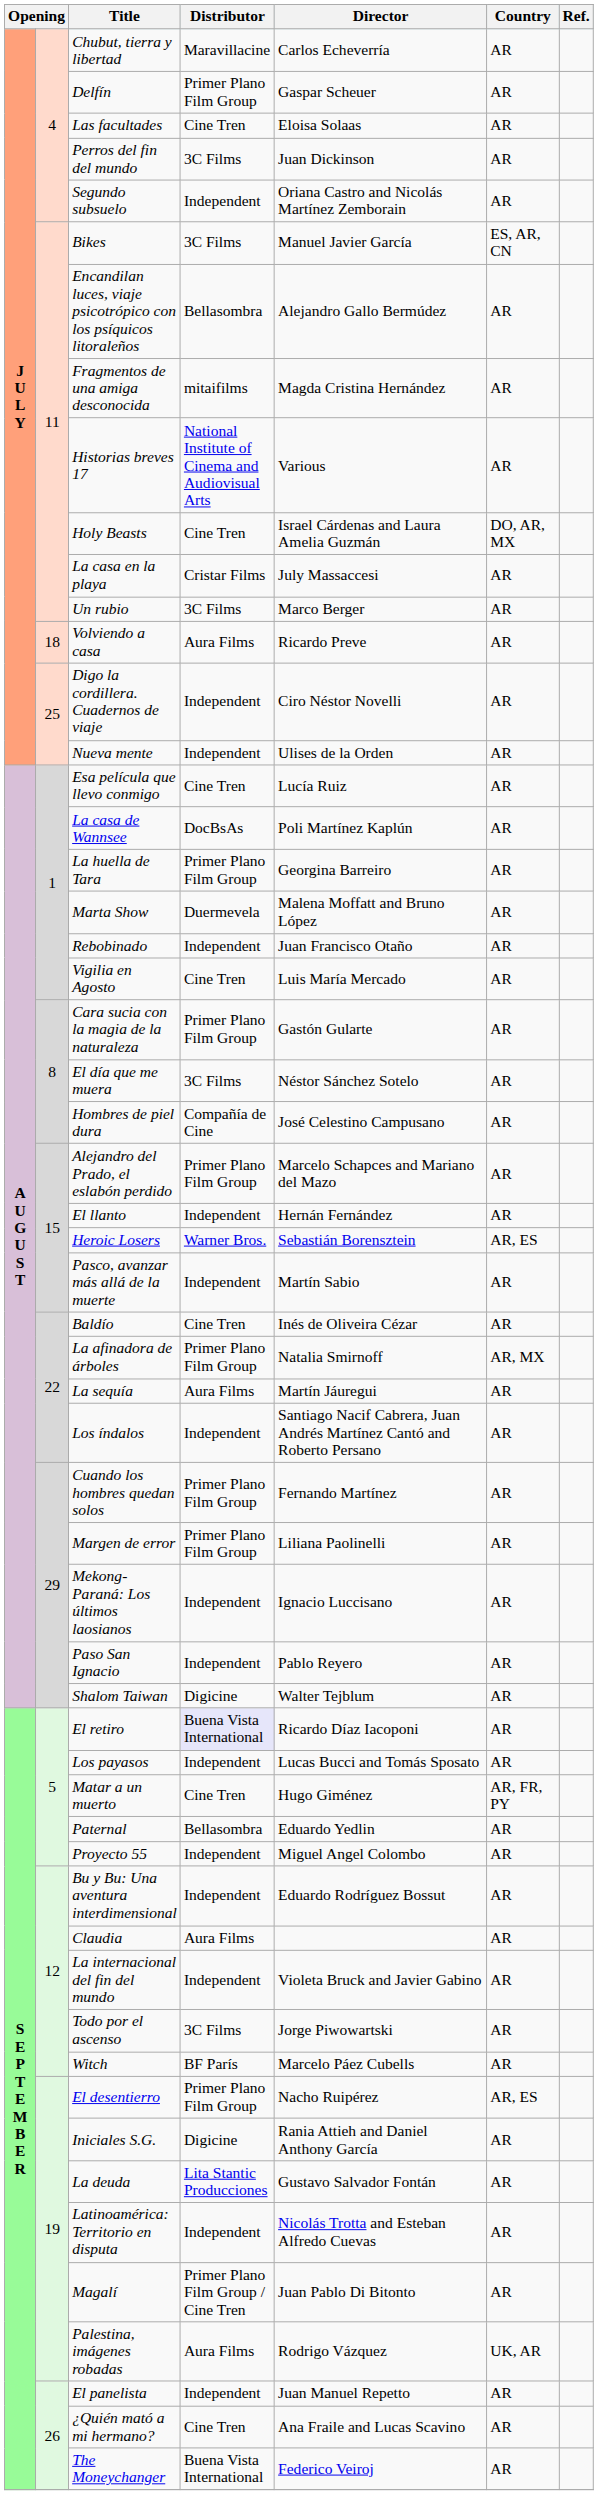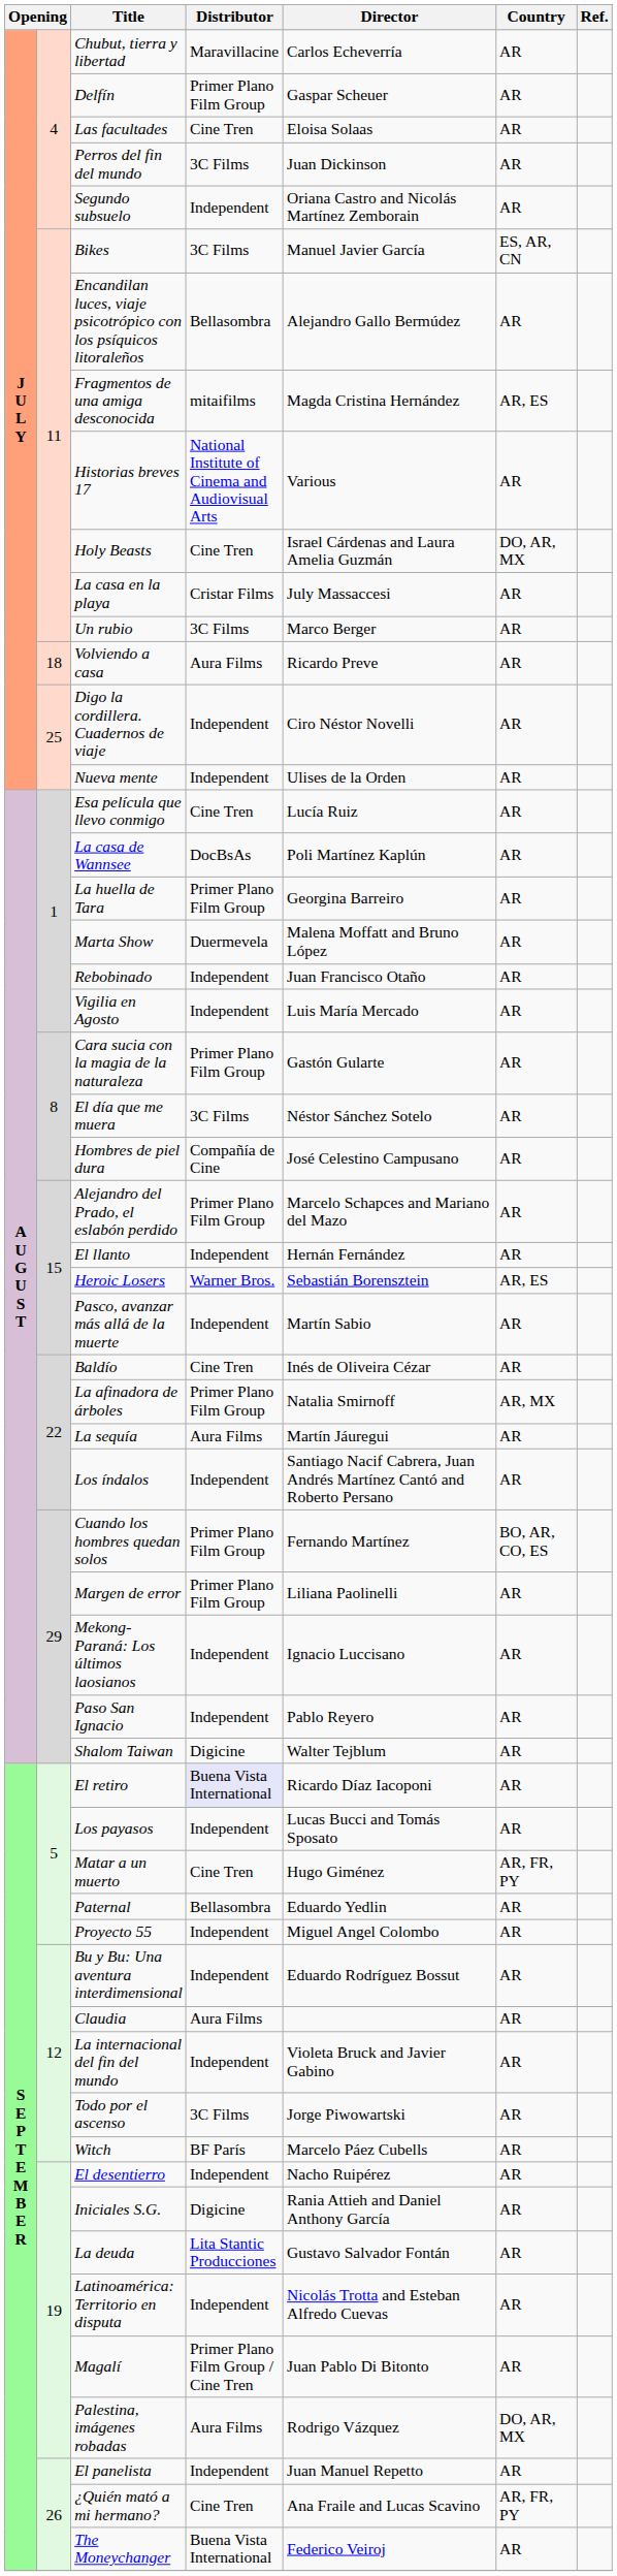 <table class="wikitable sortable">
 <tr style="background:#b0e0e6; text-align:center;">
 <th colspan="2">Opening</th>
 <th style="width:17%;">Title</th>
 <th style="width:16%;">Distributor</th>
 <th>Director</th>
 <th>Country</th>
 <th>Ref.</th>
 </tr>
 <tr>
 <th rowspan="15" style="text-align:center; background:#ffa07a; textcolor:#000;">J<br>U<br>L<br>Y</th>
 <td rowspan="5" style="text-align:center; background:#ffdacc;">4</td>
 <td><em>Chubut, tierra y libertad</em></td>
 <td>Maravillacine</td>
 <td>Carlos Echeverría</td>
 <td>AR</td>
 <td></td>
 </tr>
 <tr>
 <td><em>Delfín</em></td>
 <td>Primer Plano Film Group</td>
 <td>Gaspar Scheuer</td>
 <td>AR</td>
 <td></td>
 </tr>
 <tr>
 <td><em>Las facultades</em></td>
 <td>Cine Tren</td>
 <td>Eloisa Solaas</td>
 <td>AR</td>
 <td></td>
 </tr>
 <tr>
 <td><em>Perros del fin del mundo</em></td>
 <td>3C Films</td>
 <td>Juan Dickinson</td>
 <td>AR</td>
 <td></td>
 </tr>
 <tr>
 <td><em>Segundo subsuelo</em></td>
 <td>Independent</td>
 <td>Oriana Castro and Nicolás Martínez Zemborain</td>
 <td>AR</td>
 <td></td>
 </tr>
 <tr>
 <td rowspan="7" style="text-align:center; background:#ffdacc;">11</td>
 <td><em>Bikes</em></td>
 <td>3C Films</td>
 <td>Manuel Javier García</td>
 <td>ES, AR, CN</td>
 <td></td>
 </tr>
 <tr>
 <td><em>Encandilan luces, viaje psicotrópico con los psíquicos litoraleños</em></td>
 <td>Bellasombra</td>
 <td>Alejandro Gallo Bermúdez</td>
 <td>AR</td>
 <td></td>
 </tr>
 <tr>
 <td><em>Fragmentos de una amiga desconocida</em></td>
 <td>mitaifilms</td>
 <td>Magda Cristina Hernández</td>
-<td>AR</td>
+<td>AR, ES</td>
 <td></td>
 </tr>
 <tr>
 <td><em>Historias breves 17</em></td>
 <td><a href='#'>National Institute of Cinema and Audiovisual Arts</a></td>
 <td>Various</td>
 <td>AR</td>
 <td></td>
 </tr>
 <tr>
 <td><em>Holy Beasts</em></td>
 <td>Cine Tren</td>
 <td>Israel Cárdenas and Laura Amelia Guzmán</td>
 <td>DO, AR, MX</td>
 <td></td>
 </tr>
 <tr>
 <td><em>La casa en la playa</em></td>
 <td>Cristar Films</td>
 <td>July Massaccesi</td>
 <td>AR</td>
 <td></td>
 </tr>
 <tr>
 <td><em>Un rubio</em></td>
 <td>3C Films</td>
 <td>Marco Berger</td>
 <td>AR</td>
 <td></td>
 </tr>
 <tr>
 <td style="text-align:center; background:#ffdacc;">18</td>
 <td><em>Volviendo a casa</em></td>
 <td>Aura Films</td>
 <td>Ricardo Preve</td>
 <td>AR</td>
 <td></td>
 </tr>
 <tr>
 <td rowspan="2" style="text-align:center; background:#ffdacc;">25</td>
 <td><em>Digo la cordillera. Cuadernos de viaje</em></td>
 <td>Independent</td>
 <td>Ciro Néstor Novelli</td>
 <td>AR</td>
 <td></td>
 </tr>
 <tr>
 <td><em>Nueva mente</em></td>
 <td>Independent</td>
 <td>Ulises de la Orden</td>
 <td>AR</td>
 <td></td>
 </tr>
 <tr>
 <th rowspan="22" style="text-align:center; background:thistle; textcolor:#000;">A<br>U<br>G<br>U<br>S<br>T</th>
 <td rowspan="6" style="text-align:center; background:#d8d8d8;">1</td>
 <td><em>Esa película que llevo conmigo</em></td>
 <td>Cine Tren</td>
 <td>Lucía Ruiz</td>
 <td>AR</td>
 <td></td>
 </tr>
 <tr>
 <td><em><a href='#'>La casa de Wannsee</a></em></td>
 <td>DocBsAs</td>
 <td>Poli Martínez Kaplún</td>
 <td>AR</td>
 <td></td>
 </tr>
 <tr>
 <td><em>La huella de Tara</em></td>
 <td>Primer Plano Film Group</td>
 <td>Georgina Barreiro</td>
 <td>AR</td>
 <td></td>
 </tr>
 <tr>
 <td><em>Marta Show</em></td>
 <td>Duermevela</td>
 <td>Malena Moffatt and Bruno López</td>
 <td>AR</td>
 <td></td>
 </tr>
 <tr>
 <td><em>Rebobinado</em></td>
 <td>Independent</td>
 <td>Juan Francisco Otaño</td>
 <td>AR</td>
 <td></td>
 </tr>
 <tr>
 <td><em>Vigilia en Agosto</em></td>
-<td>Cine Tren</td>
+<td>Independent</td>
 <td>Luis María Mercado</td>
 <td>AR</td>
 <td></td>
 </tr>
 <tr>
 <td rowspan="3" style="text-align:center; background:#d8d8d8;">8</td>
 <td><em>Cara sucia con la magia de la naturaleza</em></td>
 <td>Primer Plano Film Group</td>
 <td>Gastón Gularte</td>
 <td>AR</td>
 <td></td>
 </tr>
 <tr>
 <td><em>El día que me muera</em></td>
 <td>3C Films</td>
 <td>Néstor Sánchez Sotelo</td>
 <td>AR</td>
 <td></td>
 </tr>
 <tr>
 <td><em>Hombres de piel dura</em></td>
 <td>Compañía de Cine</td>
 <td>José Celestino Campusano</td>
 <td>AR</td>
 <td></td>
 </tr>
 <tr>
 <td rowspan="4" style="text-align:center; background:#d8d8d8;">15</td>
 <td><em>Alejandro del Prado, el eslabón perdido</em></td>
 <td>Primer Plano Film Group</td>
 <td>Marcelo Schapces and Mariano del Mazo</td>
 <td>AR</td>
 <td></td>
 </tr>
 <tr>
 <td><em>El llanto</em></td>
 <td>Independent</td>
 <td>Hernán Fernández</td>
 <td>AR</td>
 <td></td>
 </tr>
 <tr>
 <td><em><a href='#'>Heroic Losers</a></em></td>
 <td><a href='#'>Warner Bros.</a></td>
 <td><a href='#'>Sebastián Borensztein</a></td>
 <td>AR, ES</td>
 <td></td>
 </tr>
 <tr>
 <td><em>Pasco, avanzar más allá de la muerte</em></td>
 <td>Independent</td>
 <td>Martín Sabio</td>
 <td>AR</td>
 <td></td>
 </tr>
 <tr>
 <td rowspan="4" style="text-align:center; background:#d8d8d8;">22</td>
 <td><em>Baldío</em></td>
 <td>Cine Tren</td>
 <td>Inés de Oliveira Cézar</td>
 <td>AR</td>
 <td></td>
 </tr>
 <tr>
 <td><em>La afinadora de árboles</em></td>
 <td>Primer Plano Film Group</td>
 <td>Natalia Smirnoff</td>
 <td>AR, MX</td>
 <td></td>
 </tr>
 <tr>
 <td><em>La sequía</em></td>
 <td>Aura Films</td>
 <td>Martín Jáuregui</td>
 <td>AR</td>
 <td></td>
 </tr>
 <tr>
 <td><em>Los índalos</em></td>
 <td>Independent</td>
 <td>Santiago Nacif Cabrera, Juan Andrés Martínez Cantó and Roberto Persano</td>
 <td>AR</td>
 <td></td>
 </tr>
 <tr>
 <td rowspan="5" style="text-align:center; background:#d8d8d8;">29</td>
 <td><em>Cuando los hombres quedan solos</em></td>
 <td>Primer Plano Film Group</td>
 <td>Fernando Martínez</td>
-<td>AR</td>
+<td>BO, AR, CO, ES</td>
 <td></td>
 </tr>
 <tr>
 <td><em>Margen de error</em></td>
 <td>Primer Plano Film Group</td>
 <td>Liliana Paolinelli</td>
 <td>AR</td>
 <td></td>
 </tr>
 <tr>
 <td><em>Mekong-Paraná: Los últimos laosianos</em></td>
 <td>Independent</td>
 <td>Ignacio Luccisano</td>
 <td>AR</td>
 <td></td>
 </tr>
 <tr>
 <td><em>Paso San Ignacio</em></td>
 <td>Independent</td>
 <td>Pablo Reyero</td>
 <td>AR</td>
 <td></td>
 </tr>
 <tr>
 <td><em>Shalom Taiwan</em></td>
 <td>Digicine</td>
 <td>Walter Tejblum</td>
 <td>AR</td>
 <td></td>
 </tr>
 <tr>
 <th rowspan="19" style="text-align:center; background:#98fb98; textcolor:#000;">S<br>E<br>P<br>T<br>E<br>M<br>B<br>E<br>R</th>
 <td rowspan="5" style="text-align:center; background:#e0f9e0;">5</td>
 <td><em>El retiro</em></td>
 <td style="background: lavender;">Buena Vista International</td>
 <td>Ricardo Díaz Iacoponi</td>
 <td>AR</td>
 <td></td>
 </tr>
 <tr>
 <td><em>Los payasos</em></td>
 <td>Independent</td>
 <td>Lucas Bucci and Tomás Sposato</td>
 <td>AR</td>
 <td></td>
 </tr>
 <tr>
 <td><em>Matar a un muerto</em></td>
 <td>Cine Tren</td>
 <td>Hugo Giménez</td>
 <td>AR, FR, PY</td>
 <td></td>
 </tr>
 <tr>
 <td><em>Paternal</em></td>
 <td>Bellasombra</td>
 <td>Eduardo Yedlin</td>
 <td>AR</td>
 <td></td>
 </tr>
 <tr>
 <td><em>Proyecto 55</em></td>
 <td>Independent</td>
 <td>Miguel Angel Colombo</td>
 <td>AR</td>
 <td></td>
 </tr>
 <tr>
 <td rowspan="5" style="text-align:center; background:#e0f9e0;">12</td>
 <td><em>Bu y Bu: Una aventura interdimensional</em></td>
 <td>Independent</td>
 <td>Eduardo Rodríguez Bossut</td>
 <td>AR</td>
 <td></td>
 </tr>
 <tr>
 <td><em>Claudia</em></td>
 <td>Aura Films</td>
 <td></td>
 <td>AR</td>
 <td></td>
 </tr>
 <tr>
 <td><em>La internacional del fin del mundo</em></td>
 <td>Independent</td>
 <td>Violeta Bruck and Javier Gabino</td>
 <td>AR</td>
 <td></td>
 </tr>
 <tr>
 <td><em>Todo por el ascenso</em></td>
 <td>3C Films</td>
 <td>Jorge Piwowartski</td>
 <td>AR</td>
 <td></td>
 </tr>
 <tr>
 <td><em>Witch</em></td>
 <td>BF París</td>
 <td>Marcelo Páez Cubells</td>
 <td>AR</td>
 <td></td>
 </tr>
 <tr>
 <td rowspan="6" style="text-align:center; background:#e0f9e0;">19</td>
 <td><em><a href='#'>El desentierro</a></em></td>
-<td>Primer Plano Film Group</td>
+<td>Independent</td>
 <td>Nacho Ruipérez</td>
-<td>AR, ES</td>
+<td>AR</td>
 <td></td>
 </tr>
 <tr>
 <td><em>Iniciales S.G.</em></td>
 <td>Digicine</td>
 <td>Rania Attieh and Daniel Anthony García</td>
 <td>AR</td>
 <td></td>
 </tr>
 <tr>
 <td><em>La deuda</em></td>
 <td><a href='#'>Lita Stantic Producciones</a></td>
 <td>Gustavo Salvador Fontán</td>
 <td>AR</td>
 <td></td>
 </tr>
 <tr>
 <td><em>Latinoamérica: Territorio en disputa</em></td>
 <td>Independent</td>
 <td><a href='#'>Nicolás Trotta</a> and Esteban Alfredo Cuevas</td>
 <td>AR</td>
 <td></td>
 </tr>
 <tr>
 <td><em>Magalí</em></td>
 <td>Primer Plano Film Group / Cine Tren</td>
 <td>Juan Pablo Di Bitonto</td>
 <td>AR</td>
 <td></td>
 </tr>
 <tr>
 <td><em>Palestina, imágenes robadas</em></td>
 <td>Aura Films</td>
 <td>Rodrigo Vázquez</td>
-<td>UK, AR</td>
+<td>DO, AR, MX</td>
 <td></td>
 </tr>
 <tr>
 <td rowspan="3" style="text-align:center; background:#e0f9e0;">26</td>
 <td><em>El panelista</em></td>
 <td>Independent</td>
 <td>Juan Manuel Repetto</td>
 <td>AR</td>
 <td></td>
 </tr>
 <tr>
 <td><em>¿Quién mató a mi hermano?</em></td>
 <td>Cine Tren</td>
 <td>Ana Fraile and Lucas Scavino</td>
-<td>AR</td>
+<td>AR, FR, PY</td>
 <td></td>
 </tr>
 <tr>
 <td><em><a href='#'>The Moneychanger</a></em></td>
 <td>Buena Vista International</td>
 <td><a href='#'>Federico Veiroj</a></td>
 <td>AR</td>
 <td></td>
 </tr>
 <tr>
 </tr>
 </table>
